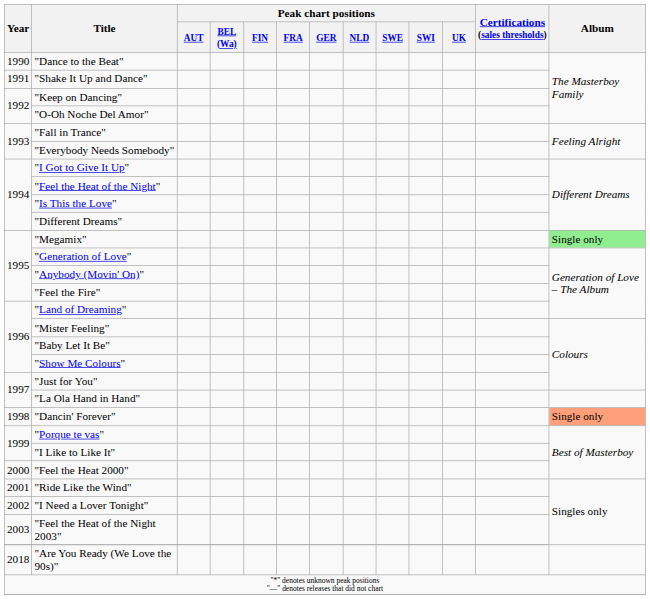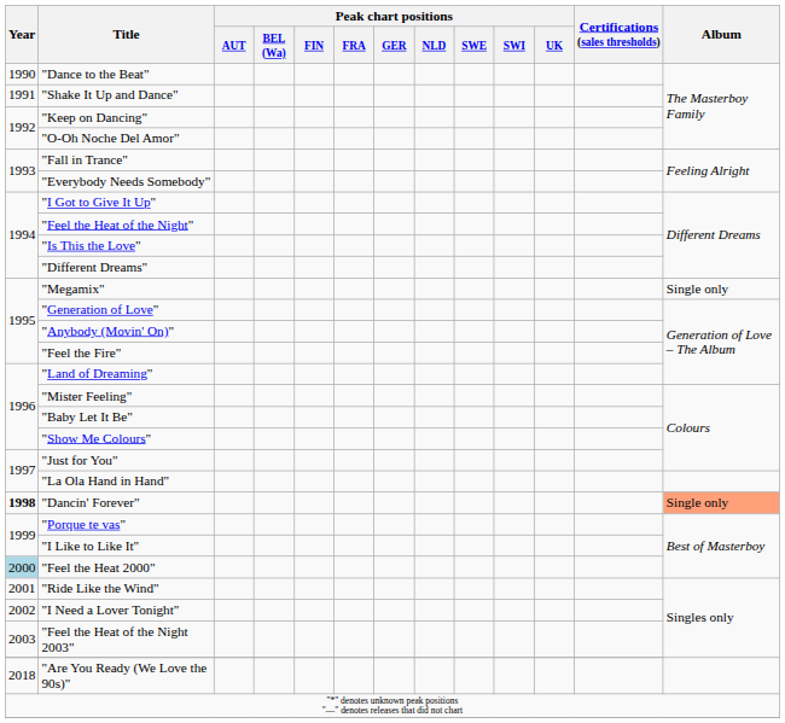 <table class="wikitable">
 <tr>
 <th rowspan="2">Year</th>
 <th rowspan="2" width="200">Title</th>
 <th colspan="9">Peak chart positions</th>
 <th rowspan="2"><a href='#'>Certifications</a><br><small>(<a href='#'>sales thresholds</a>)</small></th>
 <th rowspan="2" width="130">Album</th>
 </tr>
 <tr>
 <th width="40"><small><a href='#'>AUT</a></small><br></th>
 <th width="40"><small><a href='#'>BEL<br>(Wa)</a></small><br></th>
 <th width="40"><small><a href='#'>FIN</a></small><br></th>
 <th width="40"><small><a href='#'>FRA</a></small><br></th>
 <th width="40"><small><a href='#'>GER</a></small><br></th>
 <th width="40"><small><a href='#'>NLD</a></small><br></th>
 <th width="40"><small><a href='#'>SWE</a></small><br></th>
 <th width="40"><small><a href='#'>SWI</a></small><br></th>
 <th width="40"><small><a href='#'>UK</a></small><br></th>
 </tr>
 <tr>
 <td align="center">1990</td>
 <td>"Dance to the Beat"</td>
 <td></td>
 <td></td>
 <td></td>
 <td></td>
 <td></td>
 <td></td>
 <td></td>
 <td></td>
 <td></td>
 <td></td>
 <td rowspan="4"><em>The Masterboy Family</em></td>
 </tr>
 <tr>
 <td align="center">1991</td>
 <td>"Shake It Up and Dance"</td>
 <td></td>
 <td></td>
 <td></td>
 <td></td>
 <td></td>
 <td></td>
 <td></td>
 <td></td>
 <td></td>
 <td></td>
 </tr>
 <tr>
 <td align="center" rowspan="2">1992</td>
 <td>"Keep on Dancing"</td>
 <td></td>
 <td></td>
 <td></td>
 <td></td>
 <td></td>
 <td></td>
 <td></td>
 <td></td>
 <td></td>
 <td></td>
 </tr>
 <tr>
 <td>"O-Oh Noche Del Amor"</td>
 <td></td>
 <td></td>
 <td></td>
 <td></td>
 <td></td>
 <td></td>
 <td></td>
 <td></td>
 <td></td>
 <td></td>
 </tr>
 <tr>
 <td align="center" rowspan="2">1993</td>
 <td>"Fall in Trance"</td>
 <td></td>
 <td></td>
 <td></td>
 <td></td>
 <td></td>
 <td></td>
 <td></td>
 <td></td>
 <td></td>
 <td></td>
 <td rowspan="2"><em>Feeling Alright</em></td>
 </tr>
 <tr>
 <td>"Everybody Needs Somebody"</td>
 <td></td>
 <td></td>
 <td></td>
 <td></td>
 <td></td>
 <td></td>
 <td></td>
 <td></td>
 <td></td>
 <td></td>
 </tr>
 <tr>
 <td align="center" rowspan="4">1994</td>
 <td>"<a href='#'>I Got to Give It Up</a>"</td>
 <td></td>
 <td></td>
 <td></td>
 <td></td>
 <td></td>
 <td></td>
 <td></td>
 <td></td>
 <td></td>
 <td></td>
 <td rowspan="4"><em>Different Dreams</em></td>
 </tr>
 <tr>
 <td>"<a href='#'>Feel the Heat of the Night</a>"</td>
 <td></td>
 <td></td>
 <td></td>
 <td></td>
 <td></td>
 <td></td>
 <td></td>
 <td></td>
 <td></td>
 <td></td>
 </tr>
 <tr>
 <td>"<a href='#'>Is This the Love</a>"</td>
 <td></td>
 <td></td>
 <td></td>
 <td></td>
 <td></td>
 <td></td>
 <td></td>
 <td></td>
 <td></td>
 <td></td>
 </tr>
 <tr>
 <td>"Different Dreams"</td>
 <td></td>
 <td></td>
 <td></td>
 <td></td>
 <td></td>
 <td></td>
 <td></td>
 <td></td>
 <td></td>
 <td></td>
 </tr>
 <tr>
 <td align="center" rowspan="4">1995</td>
 <td>"Megamix"</td>
 <td></td>
 <td></td>
 <td></td>
 <td></td>
 <td></td>
 <td></td>
 <td></td>
 <td></td>
 <td></td>
 <td></td>
-<td style="background: lightgreen;">Single only</td>
+<td>Single only</td>
 </tr>
 <tr>
 <td>"<a href='#'>Generation of Love</a>"</td>
 <td></td>
 <td></td>
 <td></td>
 <td></td>
 <td></td>
 <td></td>
 <td></td>
 <td></td>
 <td></td>
 <td></td>
 <td rowspan="4"><em>Generation of Love – The Album</em></td>
 </tr>
 <tr>
 <td>"<a href='#'>Anybody (Movin' On)</a>"</td>
 <td></td>
 <td></td>
 <td></td>
 <td></td>
 <td></td>
 <td></td>
 <td></td>
 <td></td>
 <td></td>
 <td></td>
 </tr>
 <tr>
 <td>"Feel the Fire"</td>
 <td></td>
 <td></td>
 <td></td>
 <td></td>
 <td></td>
 <td></td>
 <td></td>
 <td></td>
 <td></td>
 <td></td>
 </tr>
 <tr>
 <td align="center" rowspan="4">1996</td>
 <td>"<a href='#'>Land of Dreaming</a>"</td>
 <td></td>
 <td></td>
 <td></td>
 <td></td>
 <td></td>
 <td></td>
 <td></td>
 <td></td>
 <td></td>
 <td></td>
 </tr>
 <tr>
 <td>"Mister Feeling"</td>
 <td></td>
 <td></td>
 <td></td>
 <td></td>
 <td></td>
 <td></td>
 <td></td>
 <td></td>
 <td></td>
 <td></td>
 <td rowspan="4"><em>Colours</em></td>
 </tr>
 <tr>
 <td>"Baby Let It Be"</td>
 <td></td>
 <td></td>
 <td></td>
 <td></td>
 <td></td>
 <td></td>
 <td></td>
 <td></td>
 <td></td>
 <td></td>
 </tr>
 <tr>
 <td>"<a href='#'>Show Me Colours</a>"</td>
 <td></td>
 <td></td>
 <td></td>
 <td></td>
 <td></td>
 <td></td>
 <td></td>
 <td></td>
 <td></td>
 <td></td>
 </tr>
 <tr>
 <td align="center" rowspan="2">1997</td>
 <td>"Just for You"</td>
 <td></td>
 <td></td>
 <td></td>
 <td></td>
 <td></td>
 <td></td>
 <td></td>
 <td></td>
 <td></td>
 <td></td>
 </tr>
 <tr>
 <td>"La Ola Hand in Hand"</td>
 <td></td>
 <td></td>
 <td></td>
 <td></td>
 <td></td>
 <td></td>
 <td></td>
 <td></td>
 <td></td>
 <td></td>
 </tr>
 <tr>
-<td align="center">1998</td>
+<td align="center"><strong>1998</strong></td>
 <td>"Dancin' Forever"</td>
 <td></td>
 <td></td>
 <td></td>
 <td></td>
 <td></td>
 <td></td>
 <td></td>
 <td></td>
 <td></td>
 <td></td>
 <td style="background: lightsalmon;">Single only</td>
 </tr>
 <tr>
 <td align="center" rowspan="2">1999</td>
 <td>"<a href='#'>Porque te vas</a>"</td>
 <td></td>
 <td></td>
 <td></td>
 <td></td>
 <td></td>
 <td></td>
 <td></td>
 <td></td>
 <td></td>
 <td></td>
 <td rowspan="3"><em>Best of Masterboy</em></td>
 </tr>
 <tr>
 <td>"I Like to Like It"</td>
 <td></td>
 <td></td>
 <td></td>
 <td></td>
 <td></td>
 <td></td>
 <td></td>
 <td></td>
 <td></td>
 <td></td>
 </tr>
 <tr>
-<td align="center">2000</td>
+<td align="center" style="background: lightblue;">2000</td>
 <td>"Feel the Heat 2000"</td>
 <td></td>
 <td></td>
 <td></td>
 <td></td>
 <td></td>
 <td></td>
 <td></td>
 <td></td>
 <td></td>
 <td></td>
 </tr>
 <tr>
 <td align="center">2001</td>
 <td>"Ride Like the Wind"</td>
 <td></td>
 <td></td>
 <td></td>
 <td></td>
 <td></td>
 <td></td>
 <td></td>
 <td></td>
 <td></td>
 <td></td>
 <td rowspan="4">Singles only</td>
 </tr>
 <tr>
 <td align="center">2002</td>
 <td>"I Need a Lover Tonight"</td>
 <td></td>
 <td></td>
 <td></td>
 <td></td>
 <td></td>
 <td></td>
 <td></td>
 <td></td>
 <td></td>
 <td></td>
 </tr>
 <tr>
 <td align="center">2003</td>
 <td>"Feel the Heat of the Night 2003"</td>
 <td></td>
 <td></td>
 <td></td>
 <td></td>
 <td></td>
 <td></td>
 <td></td>
 <td></td>
 <td></td>
 <td></td>
 </tr>
 <tr>
 </tr>
 <tr>
 <td align="center">2018</td>
 <td>"Are You Ready (We Love the 90s)"</td>
 <td></td>
 <td></td>
 <td></td>
 <td></td>
 <td></td>
 <td></td>
 <td></td>
 <td></td>
 <td></td>
 <td></td>
 </tr>
 <tr>
 <td colspan="15" align="center" style="font-size:8pt">"*" denotes unknown peak positions<br>"—" denotes releases that did not chart</td>
 </tr>
 <tr>
 </tr>
 </table>
